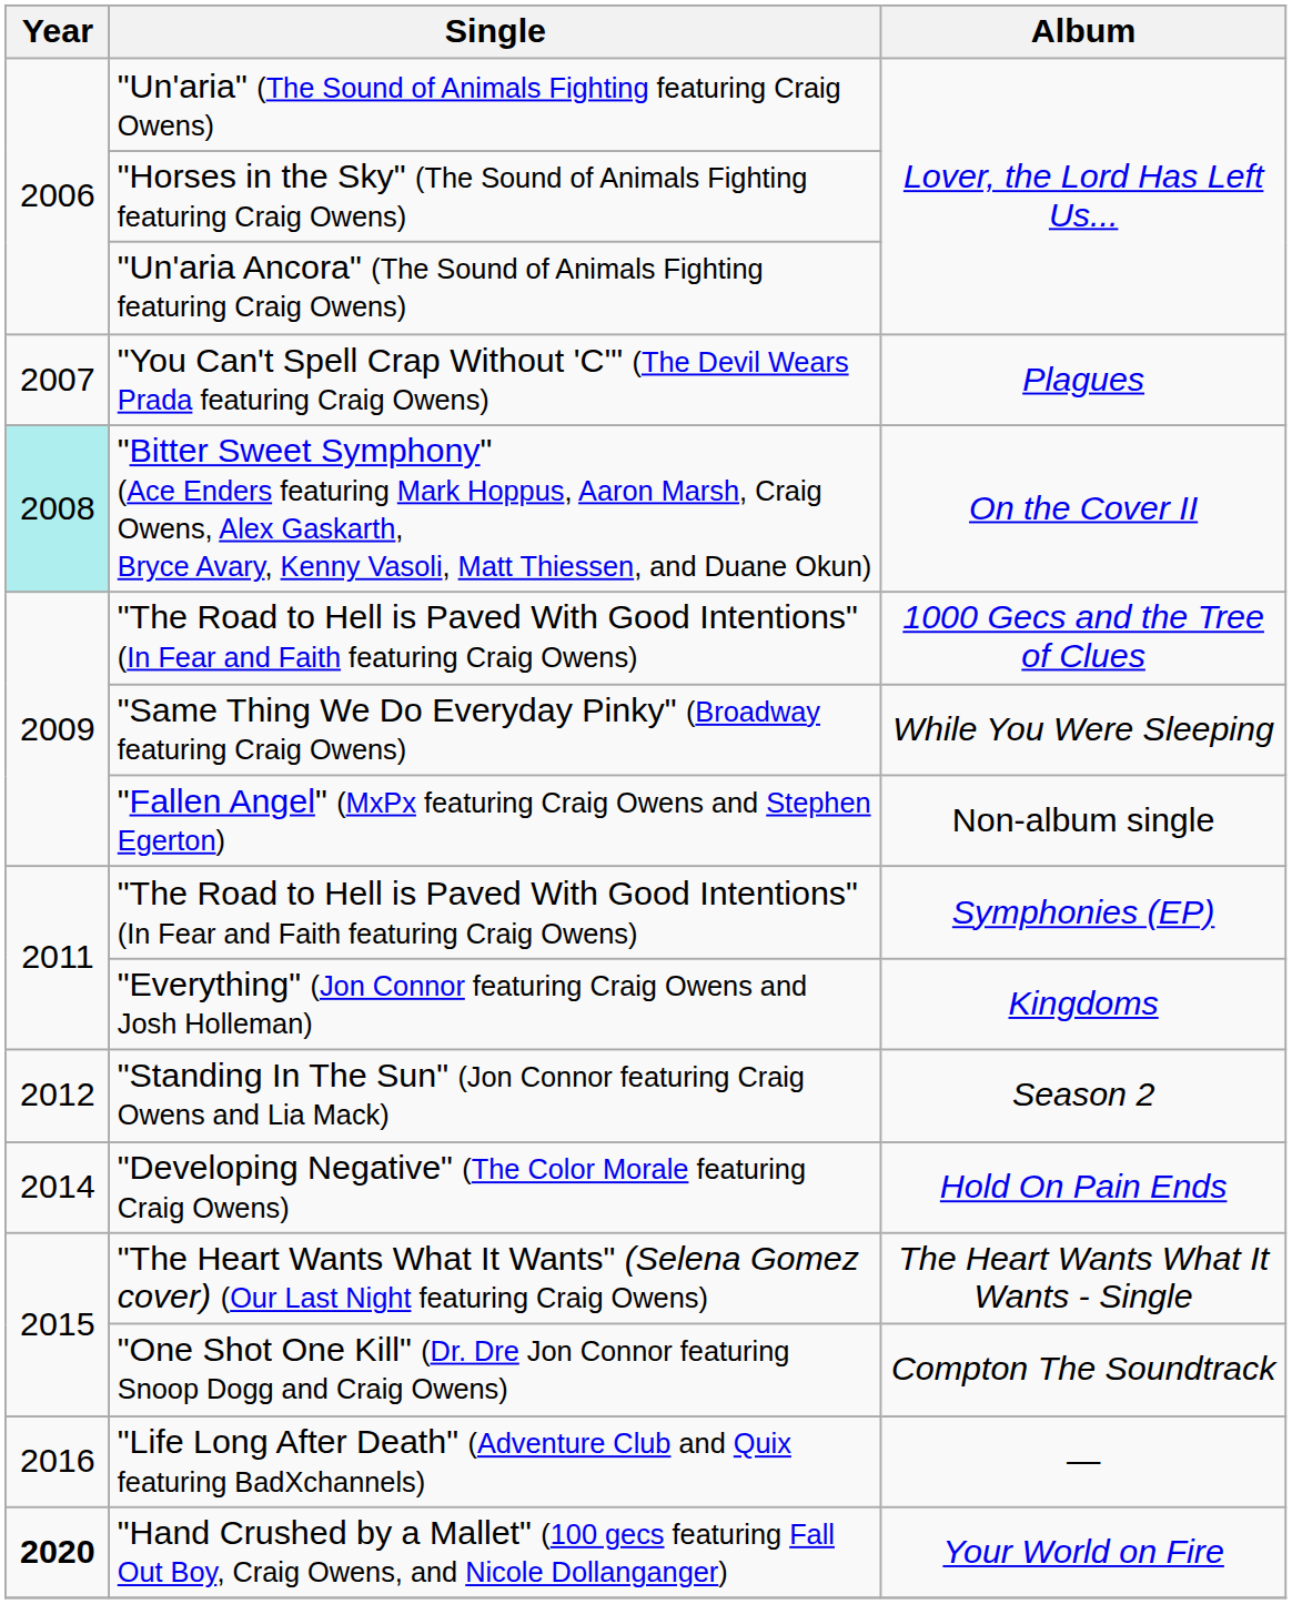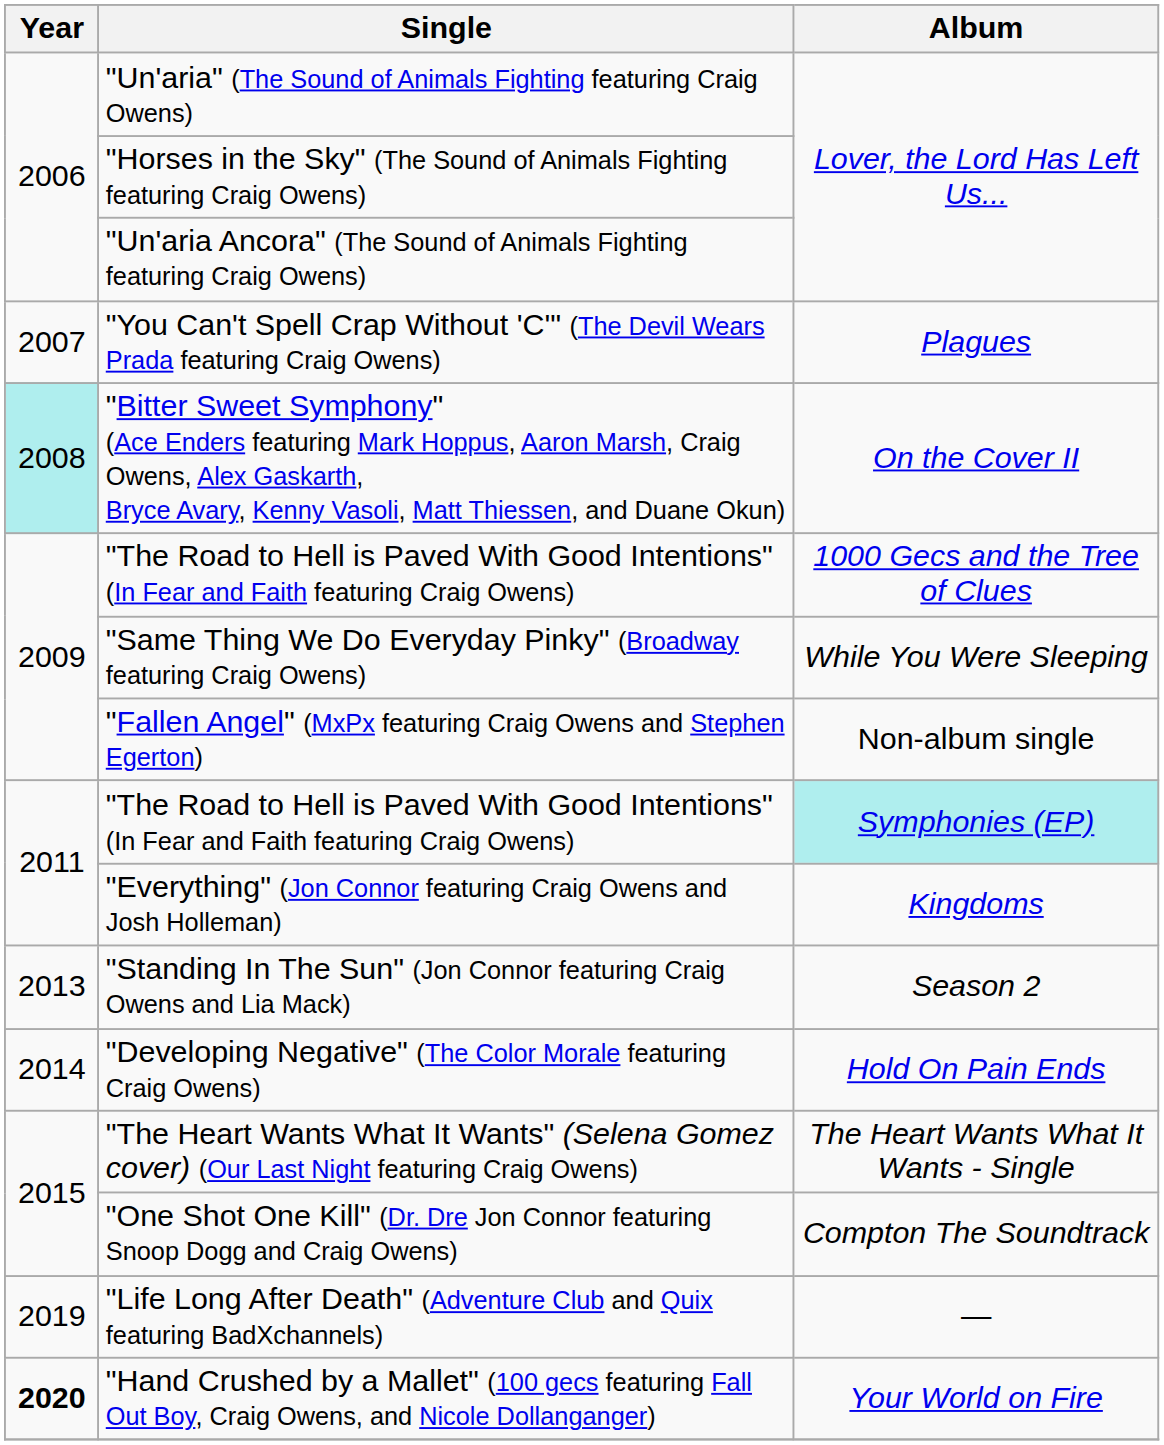 <table class="wikitable" style="text-align:center;">
 <tr>
 <th width="42">Year</th>
 <th>Single</th>
 <th>Album</th>
 </tr>
 <tr>
 <td rowspan="3">2006</td>
 <td align="left">"Un'aria" <small>(<a href='#'>The Sound of Animals Fighting</a> featuring Craig Owens)</small></td>
 <td rowspan="3"><em><a href='#'>Lover, the Lord Has Left Us...</a></em></td>
 </tr>
 <tr>
 <td align="left">"Horses in the Sky" <small>(The Sound of Animals Fighting featuring Craig Owens)</small></td>
 </tr>
 <tr>
 <td align="left">"Un'aria Ancora" <small>(The Sound of Animals Fighting featuring Craig Owens)</small></td>
 </tr>
 <tr>
 <td>2007</td>
 <td align="left">"You Can't Spell Crap Without 'C'" <small>(<a href='#'>The Devil Wears Prada</a> featuring Craig Owens)</small></td>
 <td><em><a href='#'>Plagues</a></em></td>
 </tr>
 <tr>
 <td style="background: paleturquoise;">2008</td>
 <td align="left">"<a href='#'>Bitter Sweet Symphony</a>"<br><small>(<a href='#'>Ace Enders</a> featuring <a href='#'>Mark Hoppus</a>, <a href='#'>Aaron Marsh</a>, Craig Owens, <a href='#'>Alex Gaskarth</a>,<br><a href='#'>Bryce Avary</a>, <a href='#'>Kenny Vasoli</a>, <a href='#'>Matt Thiessen</a>, and Duane Okun)</small></td>
 <td><em><a href='#'>On the Cover II</a></em></td>
 </tr>
 <tr>
 <td rowspan="3">2009</td>
 <td align="left">"The Road to Hell is Paved With Good Intentions"<br><small>(<a href='#'>In Fear and Faith</a> featuring Craig Owens)</small></td>
 <td><em><a href='#'>1000 Gecs and the Tree of Clues</a></em></td>
 </tr>
 <tr>
 <td align="left">"Same Thing We Do Everyday Pinky" <small>(<a href='#'>Broadway</a> featuring Craig Owens)</small></td>
 <td><em>While You Were Sleeping</em></td>
 </tr>
 <tr>
 <td align="left">"<a href='#'>Fallen Angel</a>" <small>(<a href='#'>MxPx</a> featuring Craig Owens and <a href='#'>Stephen Egerton</a>)</small></td>
 <td>Non-album single</td>
 </tr>
 <tr>
 <td rowspan="2">2011</td>
 <td align="left">"The Road to Hell is Paved With Good Intentions"<br><small>(In Fear and Faith featuring Craig Owens)</small></td>
-<td><em><a href='#'>Symphonies (EP)</a></em></td>
+<td style="background: paleturquoise;"><em><a href='#'>Symphonies (EP)</a></em></td>
 </tr>
 <tr>
 <td align="left">"Everything" <small>(<a href='#'>Jon Connor</a> featuring Craig Owens and Josh Holleman)</small></td>
 <td><em><a href='#'>Kingdoms</a></em></td>
 </tr>
 <tr>
-<td>2012</td>
+<td>2013</td>
 <td align="left">"Standing In The Sun" <small>(Jon Connor featuring Craig Owens and Lia Mack)</small></td>
 <td><em>Season 2</em></td>
 </tr>
 <tr>
 <td>2014</td>
 <td align="left">"Developing Negative" <small>(<a href='#'>The Color Morale</a> featuring Craig Owens)</small></td>
 <td><em><a href='#'>Hold On Pain Ends</a></em></td>
 </tr>
 <tr>
 <td rowspan="2">2015</td>
 <td align="left">"The Heart Wants What It Wants" <em>(Selena Gomez cover)</em> <small>(<a href='#'>Our Last Night</a> featuring Craig Owens)</small></td>
 <td><em>The Heart Wants What It Wants - Single</em></td>
 </tr>
 <tr>
 <td align="left">"One Shot One Kill" <small>(<a href='#'>Dr. Dre</a> Jon Connor featuring Snoop Dogg and Craig Owens)</small></td>
 <td><em>Compton The Soundtrack</em></td>
 </tr>
 <tr>
-<td>2016</td>
+<td>2019</td>
 <td align="left">"Life Long After Death" <small>(<a href='#'>Adventure Club</a> and <a href='#'>Quix</a> featuring BadXchannels)</small></td>
 <td>—</td>
 </tr>
 <tr>
 <td><strong>2020</strong></td>
 <td align="left">"Hand Crushed by a Mallet" <small>(<a href='#'>100 gecs</a> featuring <a href='#'>Fall Out Boy</a>, Craig Owens, and <a href='#'>Nicole Dollanganger</a>)</small></td>
 <td><em><a href='#'>Your World on Fire</a></em></td>
 </tr>
 <tr>
 </tr>
 </table>
